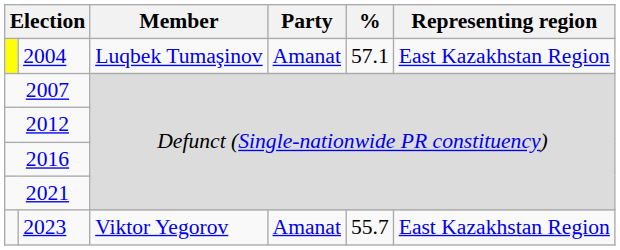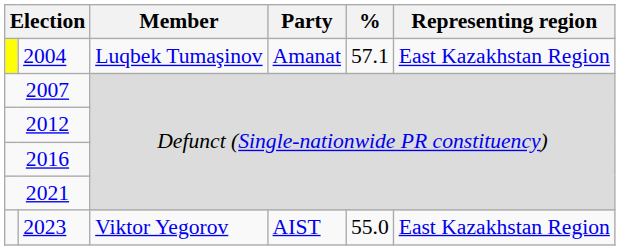 <table class="wikitable">
 <tr>
 <th colspan="2">Election</th>
 <th>Member</th>
 <th>Party</th>
 <th>%</th>
 <th>Representing region</th>
 </tr>
 <tr>
 <td style="background-color:#FFFF03"></td>
 <td><a href='#'>2004</a></td>
 <td><a href='#'>Luqbek Tumaşinov</a></td>
 <td><a href='#'>Amanat</a></td>
 <td align="right">57.1</td>
 <td align="center"><a href='#'>East Kazakhstan Region</a></td>
 </tr>
 <tr>
 <td colspan="2" align="center"><a href='#'>2007</a></td>
 <td colspan="4" rowspan="4" align="center" style="background-color:#DCDCDC"><em>Defunct (<a href='#'>Single-nationwide PR constituency</a>)</em></td>
 </tr>
 <tr>
 <td colspan="2" align="center"><a href='#'>2012</a></td>
 </tr>
 <tr>
 <td colspan="2" align="center"><a href='#'>2016</a></td>
 </tr>
 <tr>
 <td colspan="2" align="center"><a href='#'>2021</a></td>
 </tr>
 <tr>
 <td style="background-color: "></td>
 <td><a href='#'>2023</a></td>
 <td><a href='#'>Viktor Yegorov</a></td>
-<td><a href='#'>Amanat</a></td>
-<td align="right">55.7</td>
+<td><a href='#'>AIST</a></td>
+<td align="right">55.0</td>
 <td align="center"><a href='#'>East Kazakhstan Region</a></td>
 </tr>
 </table>
